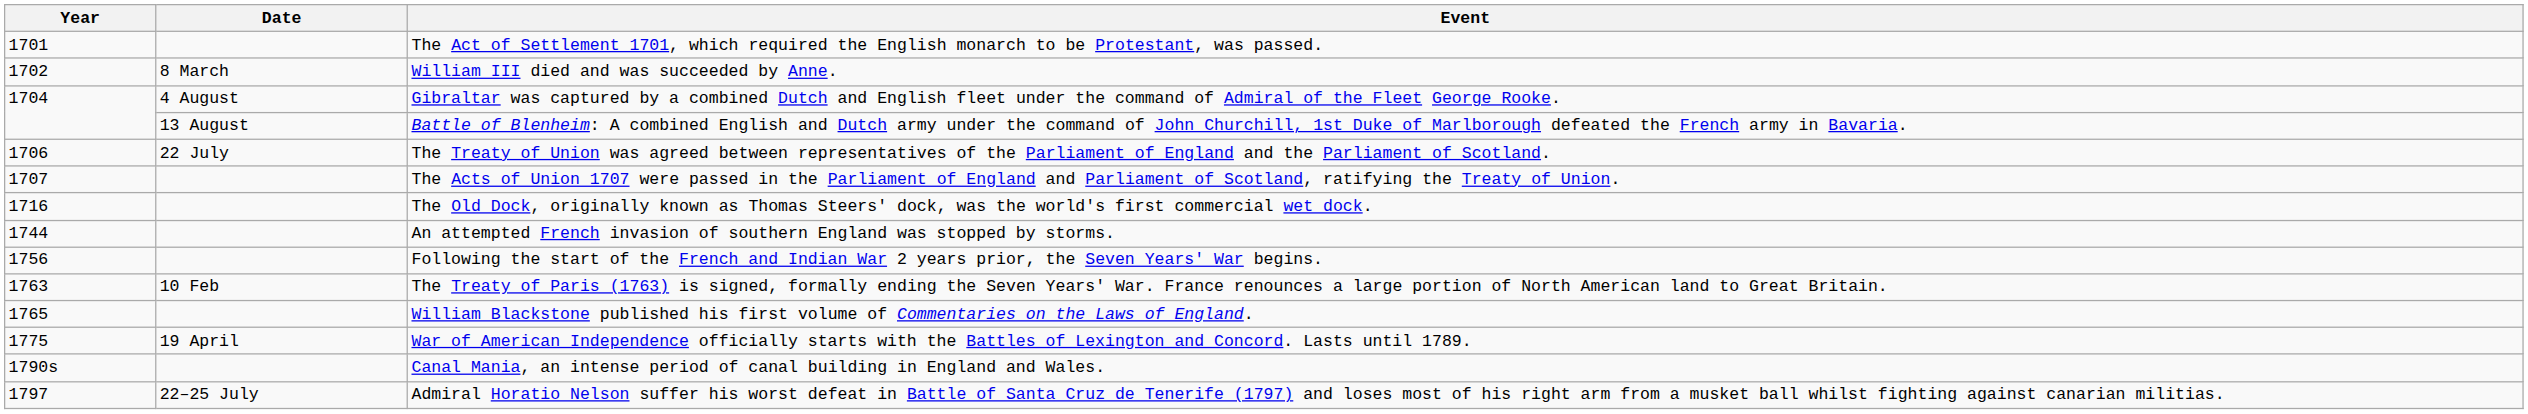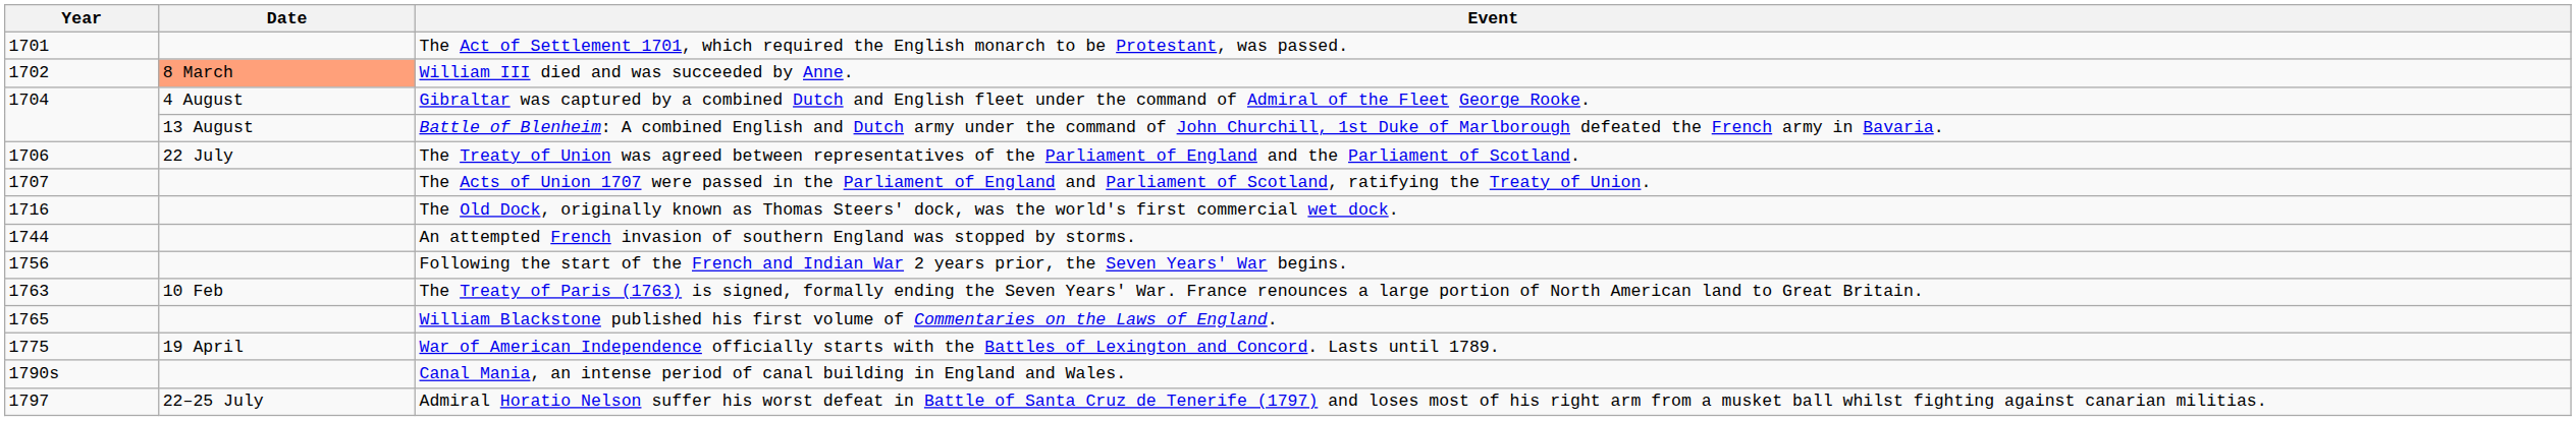 <table class="wikitable" width="100%">
 <tr>
 <th style="width:6%">Year</th>
 <th style="width:10%">Date</th>
 <th>Event</th>
 </tr>
 <tr>
 <td>1701</td>
 <td></td>
 <td>The <a href='#'>Act of Settlement 1701</a>, which required the English monarch to be <a href='#'>Protestant</a>, was passed.</td>
 </tr>
 <tr>
 <td>1702</td>
-<td>8 March</td>
+<td style="background: lightsalmon;">8 March</td>
 <td><a href='#'>William III</a> died and was succeeded by <a href='#'>Anne</a>.</td>
 </tr>
 <tr>
 <td rowspan="2" valign="top">1704</td>
 <td>4 August</td>
 <td><a href='#'>Gibraltar</a> was captured by a combined <a href='#'>Dutch</a> and English fleet under the command of <a href='#'>Admiral of the Fleet</a> <a href='#'>George Rooke</a>.</td>
 </tr>
 <tr>
 <td>13 August</td>
 <td><em><a href='#'>Battle of Blenheim</a></em>: A combined English and <a href='#'>Dutch</a> army under the command of <a href='#'>John Churchill, 1st Duke of Marlborough</a> defeated the <a href='#'>French</a> army in <a href='#'>Bavaria</a>.</td>
 </tr>
 <tr>
 <td>1706</td>
 <td>22 July</td>
 <td>The <a href='#'>Treaty of Union</a> was agreed between representatives of the <a href='#'>Parliament of England</a> and the <a href='#'>Parliament of Scotland</a>.</td>
 </tr>
 <tr>
 <td>1707</td>
 <td></td>
 <td>The <a href='#'>Acts of Union 1707</a> were passed in the <a href='#'>Parliament of England</a> and <a href='#'>Parliament of Scotland</a>, ratifying the <a href='#'>Treaty of Union</a>.</td>
 </tr>
 <tr>
 <td>1716</td>
 <td></td>
 <td>The <a href='#'>Old Dock</a>, originally known as Thomas Steers' dock, was the world's first commercial <a href='#'>wet dock</a>.</td>
 </tr>
 <tr>
 <td>1744</td>
 <td></td>
 <td>An attempted <a href='#'>French</a> invasion of southern England was stopped by storms.</td>
 </tr>
 <tr>
 <td>1756</td>
 <td></td>
 <td>Following the start of the <a href='#'>French and Indian War</a> 2 years prior, the <a href='#'>Seven Years' War</a> begins.</td>
 </tr>
 <tr>
 <td>1763</td>
 <td>10 Feb</td>
 <td>The <a href='#'>Treaty of Paris (1763)</a> is signed, formally ending the Seven Years' War. France renounces a large portion of North American land to Great Britain.</td>
 </tr>
 <tr>
 <td>1765</td>
 <td></td>
 <td><a href='#'>William Blackstone</a> published his first volume of <em><a href='#'>Commentaries on the Laws of England</a></em>.</td>
 </tr>
 <tr>
 <td>1775</td>
 <td>19 April</td>
 <td><a href='#'>War of American Independence</a> officially starts with the <a href='#'>Battles of Lexington and Concord</a>. Lasts until 1789.</td>
 </tr>
 <tr>
 <td>1790s</td>
 <td></td>
 <td><a href='#'>Canal Mania</a>, an intense period of canal building in England and Wales.</td>
 </tr>
 <tr>
 <td>1797</td>
 <td>22–25 July</td>
 <td>Admiral <a href='#'>Horatio Nelson</a> suffer his worst defeat in <a href='#'>Battle of Santa Cruz de Tenerife (1797)</a> and loses most of his right arm from a musket ball whilst fighting against canarian militias.</td>
 </tr>
 </table>
